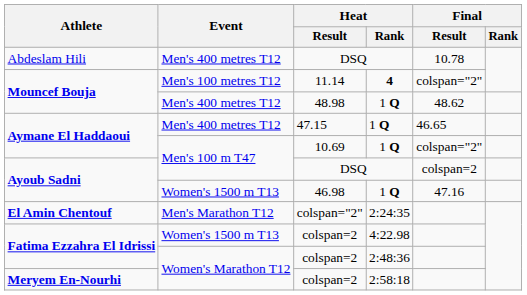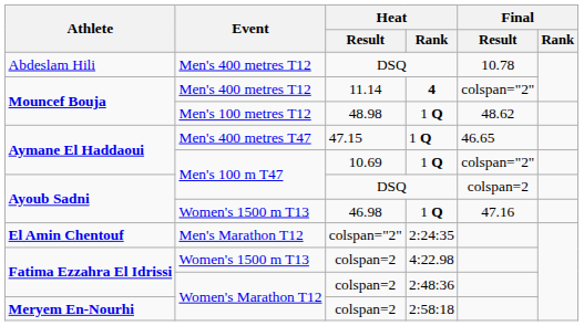 <table class="wikitable" style="font-size:90%">
 <tr>
 <th rowspan="2">Athlete</th>
 <th rowspan="2">Event</th>
 <th colspan="2">Heat</th>
 <th colspan="2">Final</th>
 </tr>
 <tr style="font-size:95%">
 <th>Result</th>
 <th>Rank</th>
 <th>Result</th>
 <th>Rank</th>
 </tr>
 <tr align=center>
 <td align=left><a href='#'>Abdeslam Hili</a></td>
 <td align=left><a href='#'>Men's 400 metres T12</a></td>
 <td colspan="2">DSQ</td>
 <td>10.78</td>
 </tr>
 <tr align=center>
 <td rowspan="2" align=left><strong><a href='#'>Mouncef Bouja</a></strong></td>
-<td align=left><a href='#'>Men's 100 metres T12</a></td>
+<td align=left><a href='#'>Men's 400 metres T12</a></td>
 <td>11.14</td>
 <td><strong>4</strong></td>
 <td>colspan="2" </td>
 </tr>
 <tr align=center>
-<td align=left><a href='#'>Men's 400 metres T12</a></td>
+<td align=left><a href='#'>Men's 100 metres T12</a></td>
 <td>48.98</td>
 <td>1 <strong>Q</strong></td>
 <td>48.62</td>
 <td></td>
 </tr>
 <tr>
 <td rowspan="2"><strong><a href='#'>Aymane El Haddaoui</a></strong></td>
-<td align=left><a href='#'>Men's 400 metres T12</a></td>
+<td><a href='#'>Men's 400 metres T47</a></td>
 <td>47.15</td>
 <td>1 <strong>Q</strong></td>
 <td>46.65</td>
 <td></td>
 </tr>
 <tr align="center">
 <td rowspan="2" align="left"><a href='#'>Men's 100 m T47</a></td>
 <td>10.69</td>
 <td>1 <strong>Q</strong></td>
 <td>colspan="2" </td>
 <td></td>
 </tr>
 <tr align=center>
 <td rowspan="2" align=left><strong><a href='#'>Ayoub Sadni</a></strong></td>
 <td colspan="2">DSQ</td>
 <td>colspan=2 </td>
 </tr>
 <tr align=center>
 <td align=left><a href='#'>Women's 1500 m T13</a></td>
 <td>46.98</td>
 <td>1 <strong>Q</strong></td>
 <td>47.16</td>
 <td></td>
 </tr>
 <tr align=center>
 <td align=left><strong><a href='#'>El Amin Chentouf</a></strong></td>
 <td align=left><a href='#'>Men's Marathon T12</a></td>
 <td>colspan="2" </td>
 <td>2:24:35</td>
 <td></td>
 </tr>
 <tr align=center>
 <td rowspan="2" align="left"><strong><a href='#'>Fatima Ezzahra El Idrissi</a></strong></td>
 <td align=left><a href='#'>Women's 1500 m T13</a></td>
 <td>colspan=2 </td>
 <td>4:22.98</td>
 <td></td>
 </tr>
 <tr align=center>
 <td align=left rowspan="2"><a href='#'>Women's Marathon T12</a></td>
 <td>colspan=2 </td>
 <td>2:48:36</td>
 <td></td>
 </tr>
 <tr align=center>
 <td align=left><strong><a href='#'>Meryem En-Nourhi</a></strong></td>
 <td>colspan=2 </td>
 <td>2:58:18</td>
 <td></td>
 </tr>
 </table>
